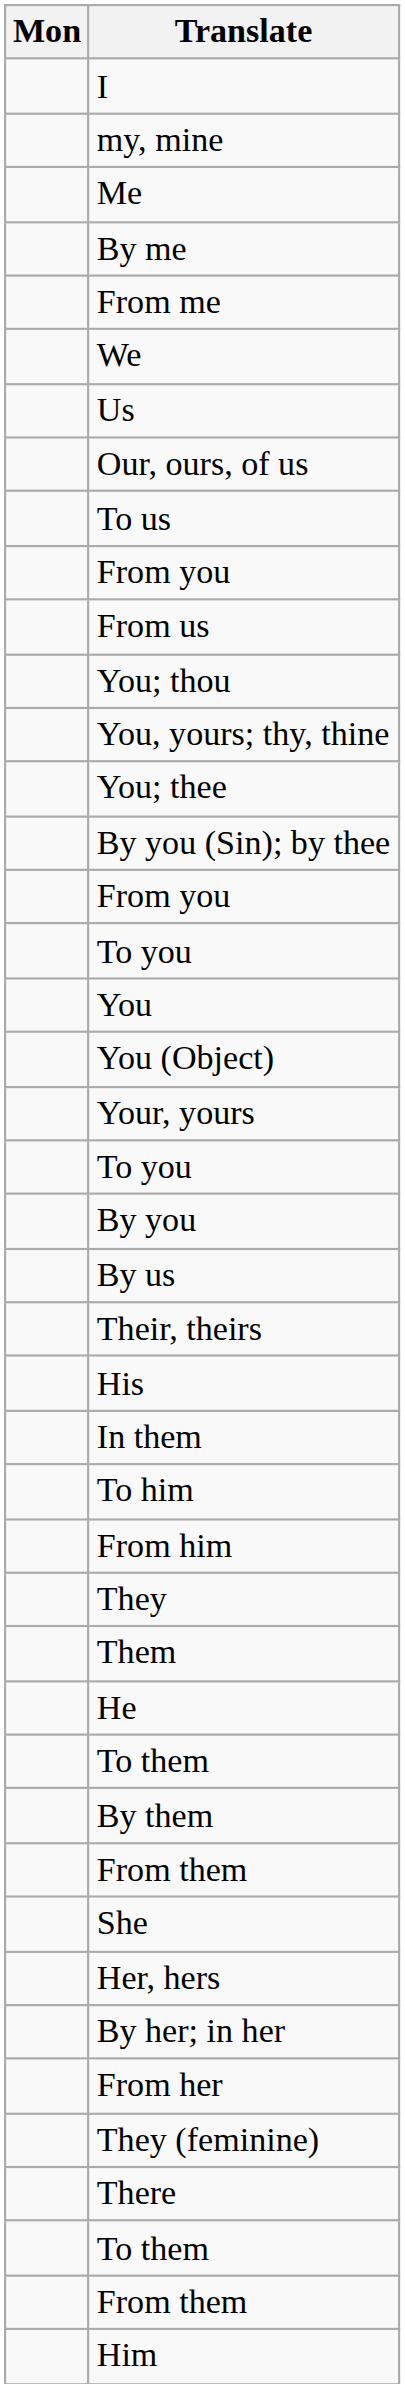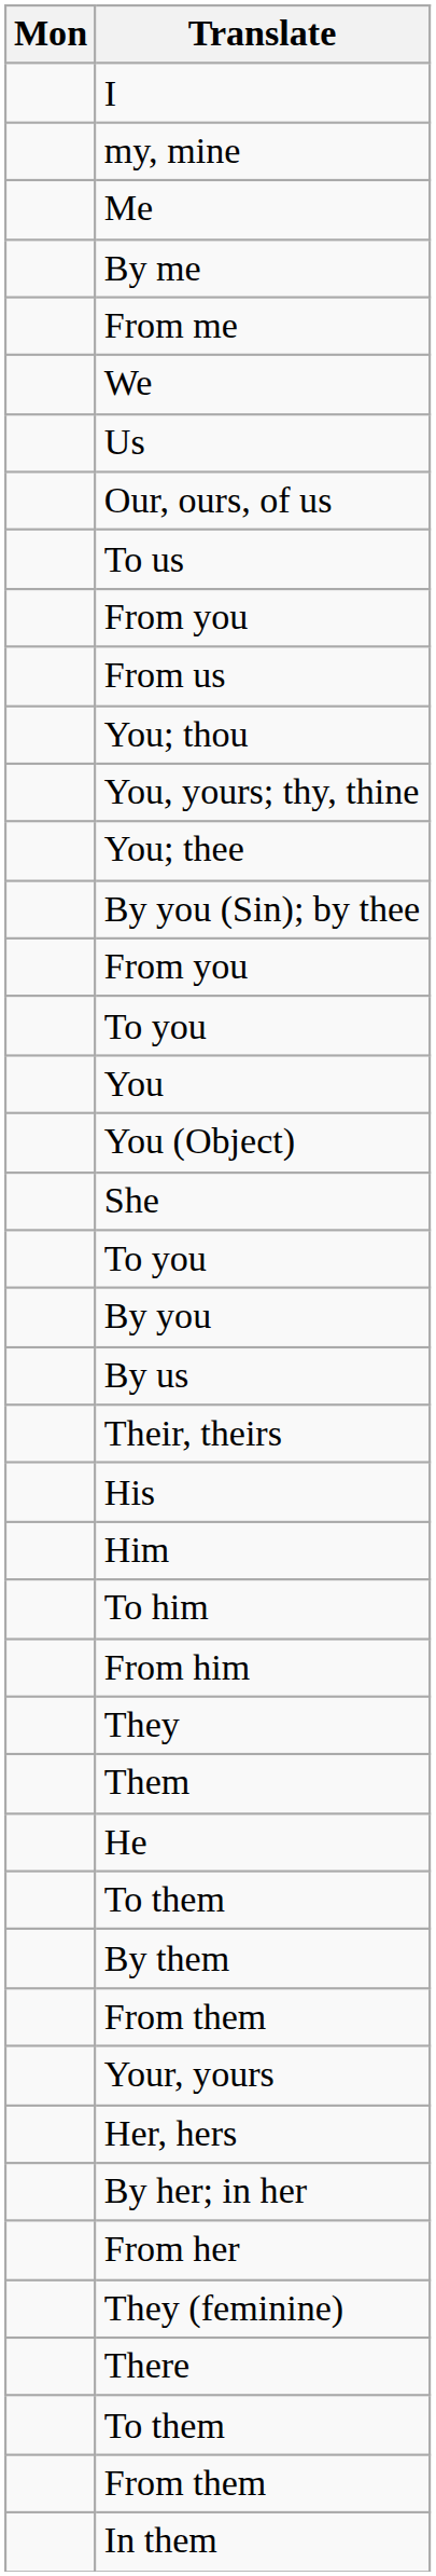 <table class=wikitable>
 <tr>
 <th>Mon</th>
 <th>Translate</th>
 </tr>
 <tr>
 <td></td>
 <td>I</td>
 </tr>
 <tr>
 <td></td>
 <td>my, mine</td>
 </tr>
 <tr>
 <td></td>
 <td>Me</td>
 </tr>
 <tr>
 <td></td>
 <td>By me</td>
 </tr>
 <tr>
 <td></td>
 <td>From me</td>
 </tr>
 <tr>
 <td></td>
 <td>We</td>
 </tr>
 <tr>
 <td></td>
 <td>Us</td>
 </tr>
 <tr>
 <td></td>
 <td>Our, ours, of us</td>
 </tr>
 <tr>
 <td></td>
 <td>To us</td>
 </tr>
 <tr>
 <td></td>
 <td>From you</td>
 </tr>
 <tr>
 <td></td>
 <td>From us</td>
 </tr>
 <tr>
 <td></td>
 <td>You; thou</td>
 </tr>
 <tr>
 <td></td>
 <td>You, yours; thy, thine</td>
 </tr>
 <tr>
 <td></td>
 <td>You; thee</td>
 </tr>
 <tr>
 <td></td>
 <td>By you (Sin); by thee</td>
 </tr>
 <tr>
 <td></td>
 <td>From you</td>
 </tr>
 <tr>
 <td></td>
 <td>To you</td>
 </tr>
 <tr>
 <td></td>
 <td>You</td>
 </tr>
 <tr>
 <td></td>
 <td>You (Object)</td>
 </tr>
 <tr>
 <td></td>
-<td>Your, yours</td>
+<td>She</td>
 </tr>
 <tr>
 <td></td>
 <td>To you</td>
 </tr>
 <tr>
 <td></td>
 <td>By you</td>
 </tr>
 <tr>
 <td></td>
 <td>By us</td>
 </tr>
 <tr>
 <td></td>
 <td>Their, theirs</td>
 </tr>
 <tr>
 <td></td>
 <td>His</td>
 </tr>
 <tr>
 <td></td>
-<td>In them</td>
+<td>Him</td>
 </tr>
 <tr>
 <td></td>
 <td>To him</td>
 </tr>
 <tr>
 <td></td>
 <td>From him</td>
 </tr>
 <tr>
 <td></td>
 <td>They</td>
 </tr>
 <tr>
 <td></td>
 <td>Them</td>
 </tr>
 <tr>
 <td></td>
 <td>He</td>
 </tr>
 <tr>
 <td></td>
 <td>To them</td>
 </tr>
 <tr>
 <td></td>
 <td>By them</td>
 </tr>
 <tr>
 <td></td>
 <td>From them</td>
 </tr>
 <tr>
 <td></td>
-<td>She</td>
+<td>Your, yours</td>
 </tr>
 <tr>
 <td></td>
 <td>Her, hers</td>
 </tr>
 <tr>
 <td></td>
 <td>By her; in her</td>
 </tr>
 <tr>
 <td></td>
 <td>From her</td>
 </tr>
 <tr>
 <td></td>
 <td>They (feminine)</td>
 </tr>
 <tr>
 <td></td>
 <td>There</td>
 </tr>
 <tr>
 <td></td>
 <td>To them</td>
 </tr>
 <tr>
 <td></td>
 <td>From them</td>
 </tr>
 <tr>
 <td></td>
-<td>Him</td>
+<td>In them</td>
 </tr>
 </table>
